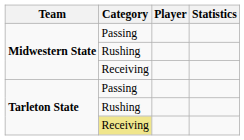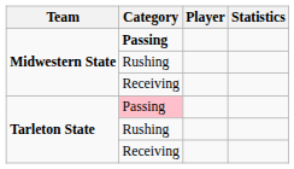 <table class="wikitable" style="float: right;">
 <tr>
 <th>Team</th>
 <th>Category</th>
 <th>Player</th>
 <th>Statistics</th>
 </tr>
 <tr>
 <td rowspan=3><strong>Midwestern State</strong></td>
-<td>Passing</td>
+<td><strong>Passing</strong></td>
 <td></td>
 <td></td>
 </tr>
 <tr>
 <td>Rushing</td>
 <td></td>
 <td></td>
 </tr>
 <tr>
 <td>Receiving</td>
 <td></td>
 <td></td>
 </tr>
 <tr>
 <td rowspan=3><strong>Tarleton State</strong></td>
-<td>Passing</td>
+<td style="background: pink;">Passing</td>
 <td></td>
 <td></td>
 </tr>
 <tr>
 <td>Rushing</td>
 <td></td>
 <td></td>
 </tr>
 <tr>
-<td style="background: khaki;">Receiving</td>
+<td>Receiving</td>
 <td></td>
 <td></td>
 </tr>
 </table>
